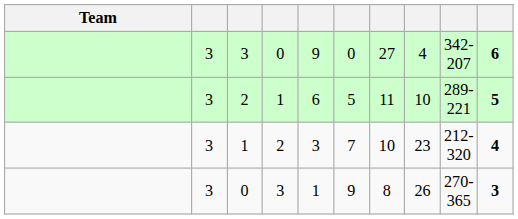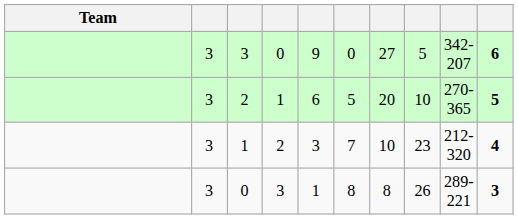 <table class="wikitable" style="text-align: center; font-size:90% ">
 <tr>
 <th width=160>Team</th>
 <th width=25></th>
 <th width=25></th>
 <th width=25></th>
 <th width=25></th>
 <th width=25></th>
 <th width=25></th>
 <th width=25></th>
 <th width=25></th>
 <th width=25></th>
 </tr>
 <tr bgcolor="ccffcc">
 <td align=left></td>
 <td>3</td>
 <td>3</td>
 <td>0</td>
 <td>9</td>
 <td>0</td>
 <td>27</td>
-<td>4</td>
+<td>5</td>
 <td>342-207</td>
 <td><strong>6</strong></td>
 </tr>
 <tr bgcolor="ccffcc">
 <td align=left></td>
 <td>3</td>
 <td>2</td>
 <td>1</td>
 <td>6</td>
 <td>5</td>
-<td>11</td>
+<td>20</td>
 <td>10</td>
-<td>289-221</td>
+<td>270-365</td>
 <td><strong>5</strong></td>
 </tr>
 <tr>
 <td align=left></td>
 <td>3</td>
 <td>1</td>
 <td>2</td>
 <td>3</td>
 <td>7</td>
 <td>10</td>
 <td>23</td>
 <td>212-320</td>
 <td><strong>4</strong></td>
 </tr>
 <tr>
 <td align=left></td>
 <td>3</td>
 <td>0</td>
 <td>3</td>
 <td>1</td>
-<td>9</td>
+<td>8</td>
 <td>8</td>
 <td>26</td>
-<td>270-365</td>
+<td>289-221</td>
 <td><strong>3</strong></td>
 </tr>
 </table>
